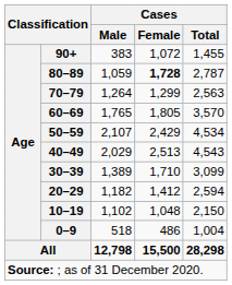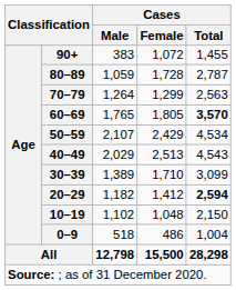 <table class="wikitable" style="text-align:right; font-size:90%">
 <tr>
 <th rowspan="2" colspan="2">Classification</th>
 <th colspan="3">Cases</th>
 </tr>
 <tr>
 <th>Male</th>
 <th>Female</th>
 <th>Total</th>
 </tr>
 <tr>
 <th rowspan=10>Age</th>
 <th>90+</th>
 <td>383</td>
 <td>1,072</td>
 <td>1,455</td>
 </tr>
 <tr>
 <th>80–89</th>
 <td>1,059</td>
-<td><strong>1,728</strong></td>
+<td>1,728</td>
 <td>2,787</td>
 </tr>
 <tr>
 <th>70–79</th>
 <td>1,264</td>
 <td>1,299</td>
 <td>2,563</td>
 </tr>
 <tr>
 <th>60–69</th>
 <td>1,765</td>
 <td>1,805</td>
-<td>3,570</td>
+<td><strong>3,570</strong></td>
 </tr>
 <tr>
 <th>50–59</th>
 <td>2,107</td>
 <td>2,429</td>
 <td>4,534</td>
 </tr>
 <tr>
 <th>40–49</th>
 <td>2,029</td>
 <td>2,513</td>
 <td>4,543</td>
 </tr>
 <tr>
 <th>30–39</th>
 <td>1,389</td>
 <td>1,710</td>
 <td>3,099</td>
 </tr>
 <tr>
 <th>20–29</th>
 <td>1,182</td>
 <td>1,412</td>
-<td>2,594</td>
+<td><strong>2,594</strong></td>
 </tr>
 <tr>
 <th>10–19</th>
 <td>1,102</td>
 <td>1,048</td>
 <td>2,150</td>
 </tr>
 <tr>
 <th>0–9</th>
 <td>518</td>
 <td>486</td>
 <td>1,004</td>
 </tr>
 <tr>
 <th colspan="2">All</th>
 <td><strong>12,798</strong></td>
 <td><strong>15,500</strong></td>
 <td><strong>28,298</strong></td>
 </tr>
 <tr>
 <td colspan="5" style="text-align:left;"><strong>Source:</strong> ; as of 31 December 2020.</td>
 </tr>
 </table>
